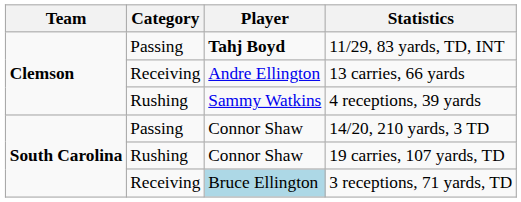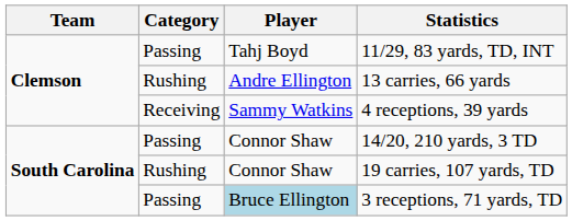 <table class="wikitable" style="float: right;">
 <tr>
 <th>Team</th>
 <th>Category</th>
 <th>Player</th>
 <th>Statistics</th>
 </tr>
 <tr>
 <td rowspan=3><strong>Clemson</strong></td>
 <td>Passing</td>
-<td><strong>Tahj Boyd</strong></td>
+<td>Tahj Boyd</td>
 <td>11/29, 83 yards, TD, INT</td>
 </tr>
 <tr>
-<td>Receiving</td>
+<td>Rushing</td>
 <td><a href='#'>Andre Ellington</a></td>
 <td>13 carries, 66 yards</td>
 </tr>
 <tr>
-<td>Rushing</td>
+<td>Receiving</td>
 <td><a href='#'>Sammy Watkins</a></td>
 <td>4 receptions, 39 yards</td>
 </tr>
 <tr>
 <td rowspan=3><strong>South Carolina</strong></td>
 <td>Passing</td>
 <td>Connor Shaw</td>
 <td>14/20, 210 yards, 3 TD</td>
 </tr>
 <tr>
 <td>Rushing</td>
 <td>Connor Shaw</td>
 <td>19 carries, 107 yards, TD</td>
 </tr>
 <tr>
-<td>Receiving</td>
+<td>Passing</td>
 <td style="background: lightblue;">Bruce Ellington</td>
 <td>3 receptions, 71 yards, TD</td>
 </tr>
 </table>
